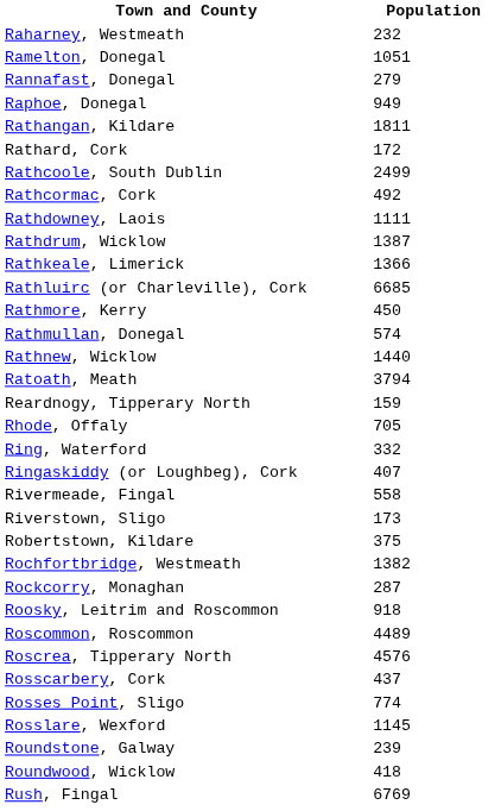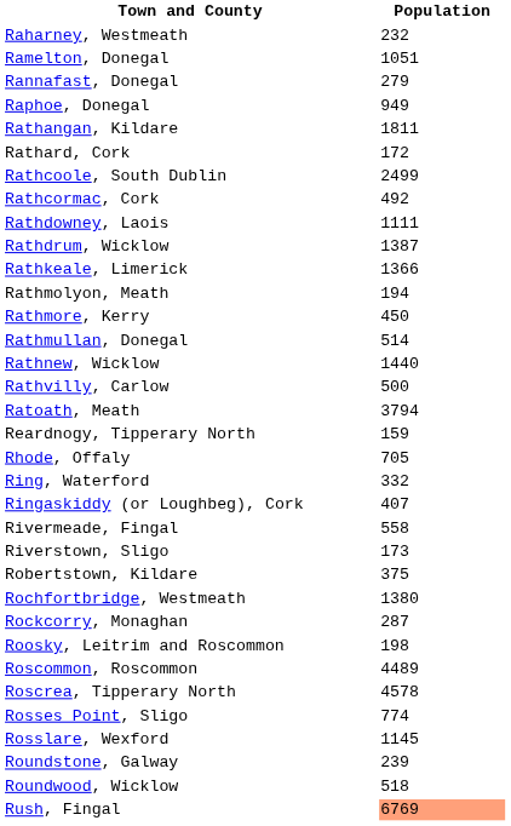 <table>
 <tr>
 <th style="width:300px;align:left;">Town and County</th>
 <th style="width:100px;align:right;">Population</th>
 </tr>
 <tr>
 <td><a href='#'>Raharney</a>, Westmeath</td>
 <td>232</td>
 </tr>
 <tr>
 <td><a href='#'>Ramelton</a>, Donegal</td>
 <td>1051</td>
 </tr>
 <tr>
 <td><a href='#'>Rannafast</a>, Donegal</td>
 <td>279</td>
 </tr>
 <tr>
 <td><a href='#'>Raphoe</a>, Donegal</td>
 <td>949</td>
 </tr>
 <tr>
 <td><a href='#'>Rathangan</a>, Kildare</td>
 <td>1811</td>
 </tr>
 <tr>
 <td>Rathard, Cork</td>
 <td>172</td>
 </tr>
 <tr>
 <td><a href='#'>Rathcoole</a>, South Dublin</td>
 <td>2499</td>
 </tr>
 <tr>
 <td><a href='#'>Rathcormac</a>, Cork</td>
 <td>492</td>
 </tr>
 <tr>
 <td><a href='#'>Rathdowney</a>, Laois</td>
 <td>1111</td>
 </tr>
 <tr>
 <td><a href='#'>Rathdrum</a>, Wicklow</td>
 <td>1387</td>
 </tr>
 <tr>
 <td><a href='#'>Rathkeale</a>, Limerick</td>
 <td>1366</td>
 </tr>
 <tr>
-<td><a href='#'>Rathluirc</a> (or Charleville), Cork</td>
-<td>6685</td>
+<td>Rathmolyon, Meath</td>
+<td>194</td>
 </tr>
 <tr>
 <td><a href='#'>Rathmore</a>, Kerry</td>
 <td>450</td>
 </tr>
 <tr>
 <td><a href='#'>Rathmullan</a>, Donegal</td>
-<td>574</td>
+<td>514</td>
 </tr>
 <tr>
 <td><a href='#'>Rathnew</a>, Wicklow</td>
 <td>1440</td>
+</tr>
+<tr>
+<td><a href='#'>Rathvilly</a>, Carlow</td>
+<td>500</td>
 </tr>
 <tr>
 <td><a href='#'>Ratoath</a>, Meath</td>
 <td>3794</td>
 </tr>
 <tr>
 <td>Reardnogy, Tipperary North</td>
 <td>159</td>
 </tr>
 <tr>
 <td><a href='#'>Rhode</a>, Offaly</td>
 <td>705</td>
 </tr>
 <tr>
 <td><a href='#'>Ring</a>, Waterford</td>
 <td>332</td>
 </tr>
 <tr>
 <td><a href='#'>Ringaskiddy</a> (or Loughbeg), Cork</td>
 <td>407</td>
 </tr>
 <tr>
 <td>Rivermeade, Fingal</td>
 <td>558</td>
 </tr>
 <tr>
 <td>Riverstown, Sligo</td>
 <td>173</td>
 </tr>
 <tr>
 <td>Robertstown, Kildare</td>
 <td>375</td>
 </tr>
 <tr>
 <td><a href='#'>Rochfortbridge</a>, Westmeath</td>
-<td>1382</td>
+<td>1380</td>
 </tr>
 <tr>
 <td><a href='#'>Rockcorry</a>, Monaghan</td>
 <td>287</td>
 </tr>
 <tr>
 <td><a href='#'>Roosky</a>, Leitrim and Roscommon</td>
-<td>918</td>
+<td>198</td>
 </tr>
 <tr>
 <td><a href='#'>Roscommon</a>, Roscommon</td>
 <td>4489</td>
 </tr>
 <tr>
 <td><a href='#'>Roscrea</a>, Tipperary North</td>
-<td>4576</td>
-</tr>
-<tr>
-<td><a href='#'>Rosscarbery</a>, Cork</td>
-<td>437</td>
+<td>4578</td>
 </tr>
 <tr>
 <td><a href='#'>Rosses Point</a>, Sligo</td>
 <td>774</td>
 </tr>
 <tr>
 <td><a href='#'>Rosslare</a>, Wexford</td>
 <td>1145</td>
 </tr>
 <tr>
 <td><a href='#'>Roundstone</a>, Galway</td>
 <td>239</td>
 </tr>
 <tr>
 <td><a href='#'>Roundwood</a>, Wicklow</td>
-<td>418</td>
+<td>518</td>
 </tr>
 <tr>
 <td><a href='#'>Rush</a>, Fingal</td>
-<td>6769</td>
+<td style="background: lightsalmon;">6769</td>
 </tr>
 </table>
